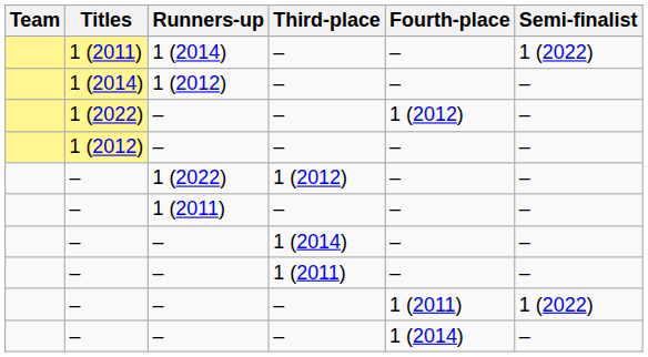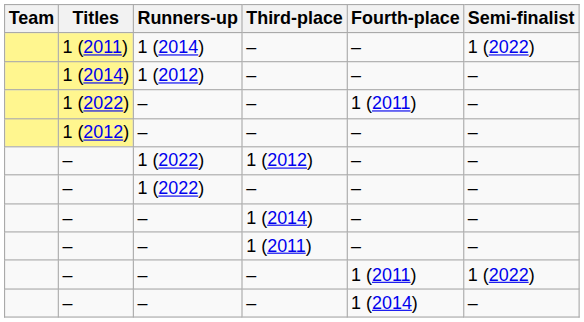 <table class="wikitable">
 <tr>
 <th><strong>Team</strong></th>
 <th><strong>Titles</strong></th>
 <th><strong>Runners-up</strong></th>
 <th><strong>Third-place</strong></th>
 <th><strong>Fourth-place</strong></th>
 <th><strong>Semi-finalist</strong></th>
 </tr>
 <tr>
 <td style="background:#fff68f;"></td>
 <td style="background:#fff68f;">1 (<a href='#'>2011</a>)</td>
 <td>1 (<a href='#'>2014</a>)</td>
 <td>–</td>
 <td>–</td>
 <td>1 (<a href='#'>2022</a>)</td>
 </tr>
 <tr>
 <td style="background:#fff68f;"></td>
 <td style="background:#fff68f;">1 (<a href='#'>2014</a>)</td>
 <td>1 (<a href='#'>2012</a>)</td>
 <td>–</td>
 <td>–</td>
 <td>–</td>
 </tr>
 <tr>
 <td style="background:#fff68f;"></td>
 <td style="background:#fff68f;">1 (<a href='#'>2022</a>)</td>
 <td>–</td>
 <td>–</td>
-<td>1 (<a href='#'>2012</a>)</td>
+<td>1 (<a href='#'>2011</a>)</td>
 <td>–</td>
 </tr>
 <tr>
 <td style="background:#fff68f;"></td>
 <td style="background:#fff68f;">1 (<a href='#'>2012</a>)</td>
 <td>–</td>
 <td>–</td>
 <td>–</td>
 <td>–</td>
 </tr>
 <tr>
 <td></td>
 <td>–</td>
 <td>1 (<a href='#'>2022</a>)</td>
 <td>1 (<a href='#'>2012</a>)</td>
 <td>–</td>
 <td>–</td>
 </tr>
 <tr>
 <td></td>
 <td>–</td>
-<td>1 (<a href='#'>2011</a>)</td>
+<td>1 (<a href='#'>2022</a>)</td>
 <td>–</td>
 <td>–</td>
 <td>–</td>
 </tr>
 <tr>
 <td></td>
 <td>–</td>
 <td>–</td>
 <td>1 (<a href='#'>2014</a>)</td>
 <td>–</td>
 <td>–</td>
 </tr>
 <tr>
 <td></td>
 <td>–</td>
 <td>–</td>
 <td>1 (<a href='#'>2011</a>)</td>
 <td>–</td>
 <td>–</td>
 </tr>
 <tr>
 <td></td>
 <td>–</td>
 <td>–</td>
 <td>–</td>
 <td>1 (<a href='#'>2011</a>)</td>
 <td>1 (<a href='#'>2022</a>)</td>
 </tr>
 <tr>
 <td></td>
 <td>–</td>
 <td>–</td>
 <td>–</td>
 <td>1 (<a href='#'>2014</a>)</td>
 <td>–</td>
 </tr>
 </table>
